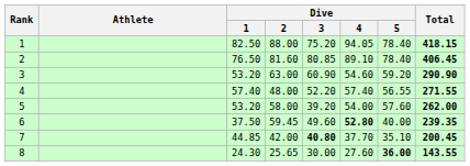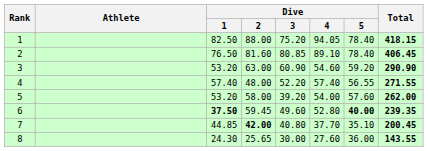 <table class=wikitable style="text-align:center">
 <tr>
 <th rowspan="2" width=40>Rank</th>
 <th rowspan="2" width=250>Athlete</th>
 <th colspan="5">Dive</th>
 <th rowspan="2" width=60>Total</th>
 </tr>
 <tr>
 <th width=45>1</th>
 <th width=45>2</th>
 <th width=45>3</th>
 <th width=45>4</th>
 <th width=45>5</th>
 </tr>
 <tr bgcolor=ccffcc>
 <td>1</td>
 <td align=left></td>
 <td>82.50</td>
 <td>88.00</td>
 <td>75.20</td>
 <td>94.05</td>
 <td>78.40</td>
 <td><strong>418.15</strong></td>
 </tr>
 <tr bgcolor=ccffcc>
 <td>2</td>
 <td align=left></td>
 <td>76.50</td>
 <td>81.60</td>
 <td>80.85</td>
 <td>89.10</td>
 <td>78.40</td>
 <td><strong>406.45</strong></td>
 </tr>
 <tr bgcolor=ccffcc>
 <td>3</td>
 <td align=left></td>
 <td>53.20</td>
 <td>63.00</td>
 <td>60.90</td>
 <td>54.60</td>
 <td>59.20</td>
 <td><strong>290.90</strong></td>
 </tr>
 <tr bgcolor=ccffcc>
 <td>4</td>
 <td align=left></td>
 <td>57.40</td>
 <td>48.00</td>
 <td>52.20</td>
 <td>57.40</td>
 <td>56.55</td>
 <td><strong>271.55</strong></td>
 </tr>
 <tr bgcolor=ccffcc>
 <td>5</td>
 <td align=left></td>
 <td>53.20</td>
 <td>58.00</td>
 <td>39.20</td>
 <td>54.00</td>
 <td>57.60</td>
 <td><strong>262.00</strong></td>
 </tr>
 <tr bgcolor=ccffcc>
 <td>6</td>
 <td align=left></td>
-<td>37.50</td>
+<td><strong>37.50</strong></td>
 <td>59.45</td>
 <td>49.60</td>
-<td><strong>52.80</strong></td>
-<td>40.00</td>
+<td>52.80</td>
+<td><strong>40.00</strong></td>
 <td><strong>239.35</strong></td>
 </tr>
 <tr bgcolor=ccffcc>
 <td>7</td>
 <td align=left></td>
 <td>44.85</td>
-<td>42.00</td>
-<td><strong>40.80</strong></td>
+<td><strong>42.00</strong></td>
+<td>40.80</td>
 <td>37.70</td>
 <td>35.10</td>
 <td><strong>200.45</strong></td>
 </tr>
 <tr bgcolor=ccffcc>
 <td>8</td>
 <td align=left></td>
 <td>24.30</td>
 <td>25.65</td>
 <td>30.00</td>
 <td>27.60</td>
-<td><strong>36.00</strong></td>
+<td>36.00</td>
 <td><strong>143.55</strong></td>
 </tr>
 </table>
